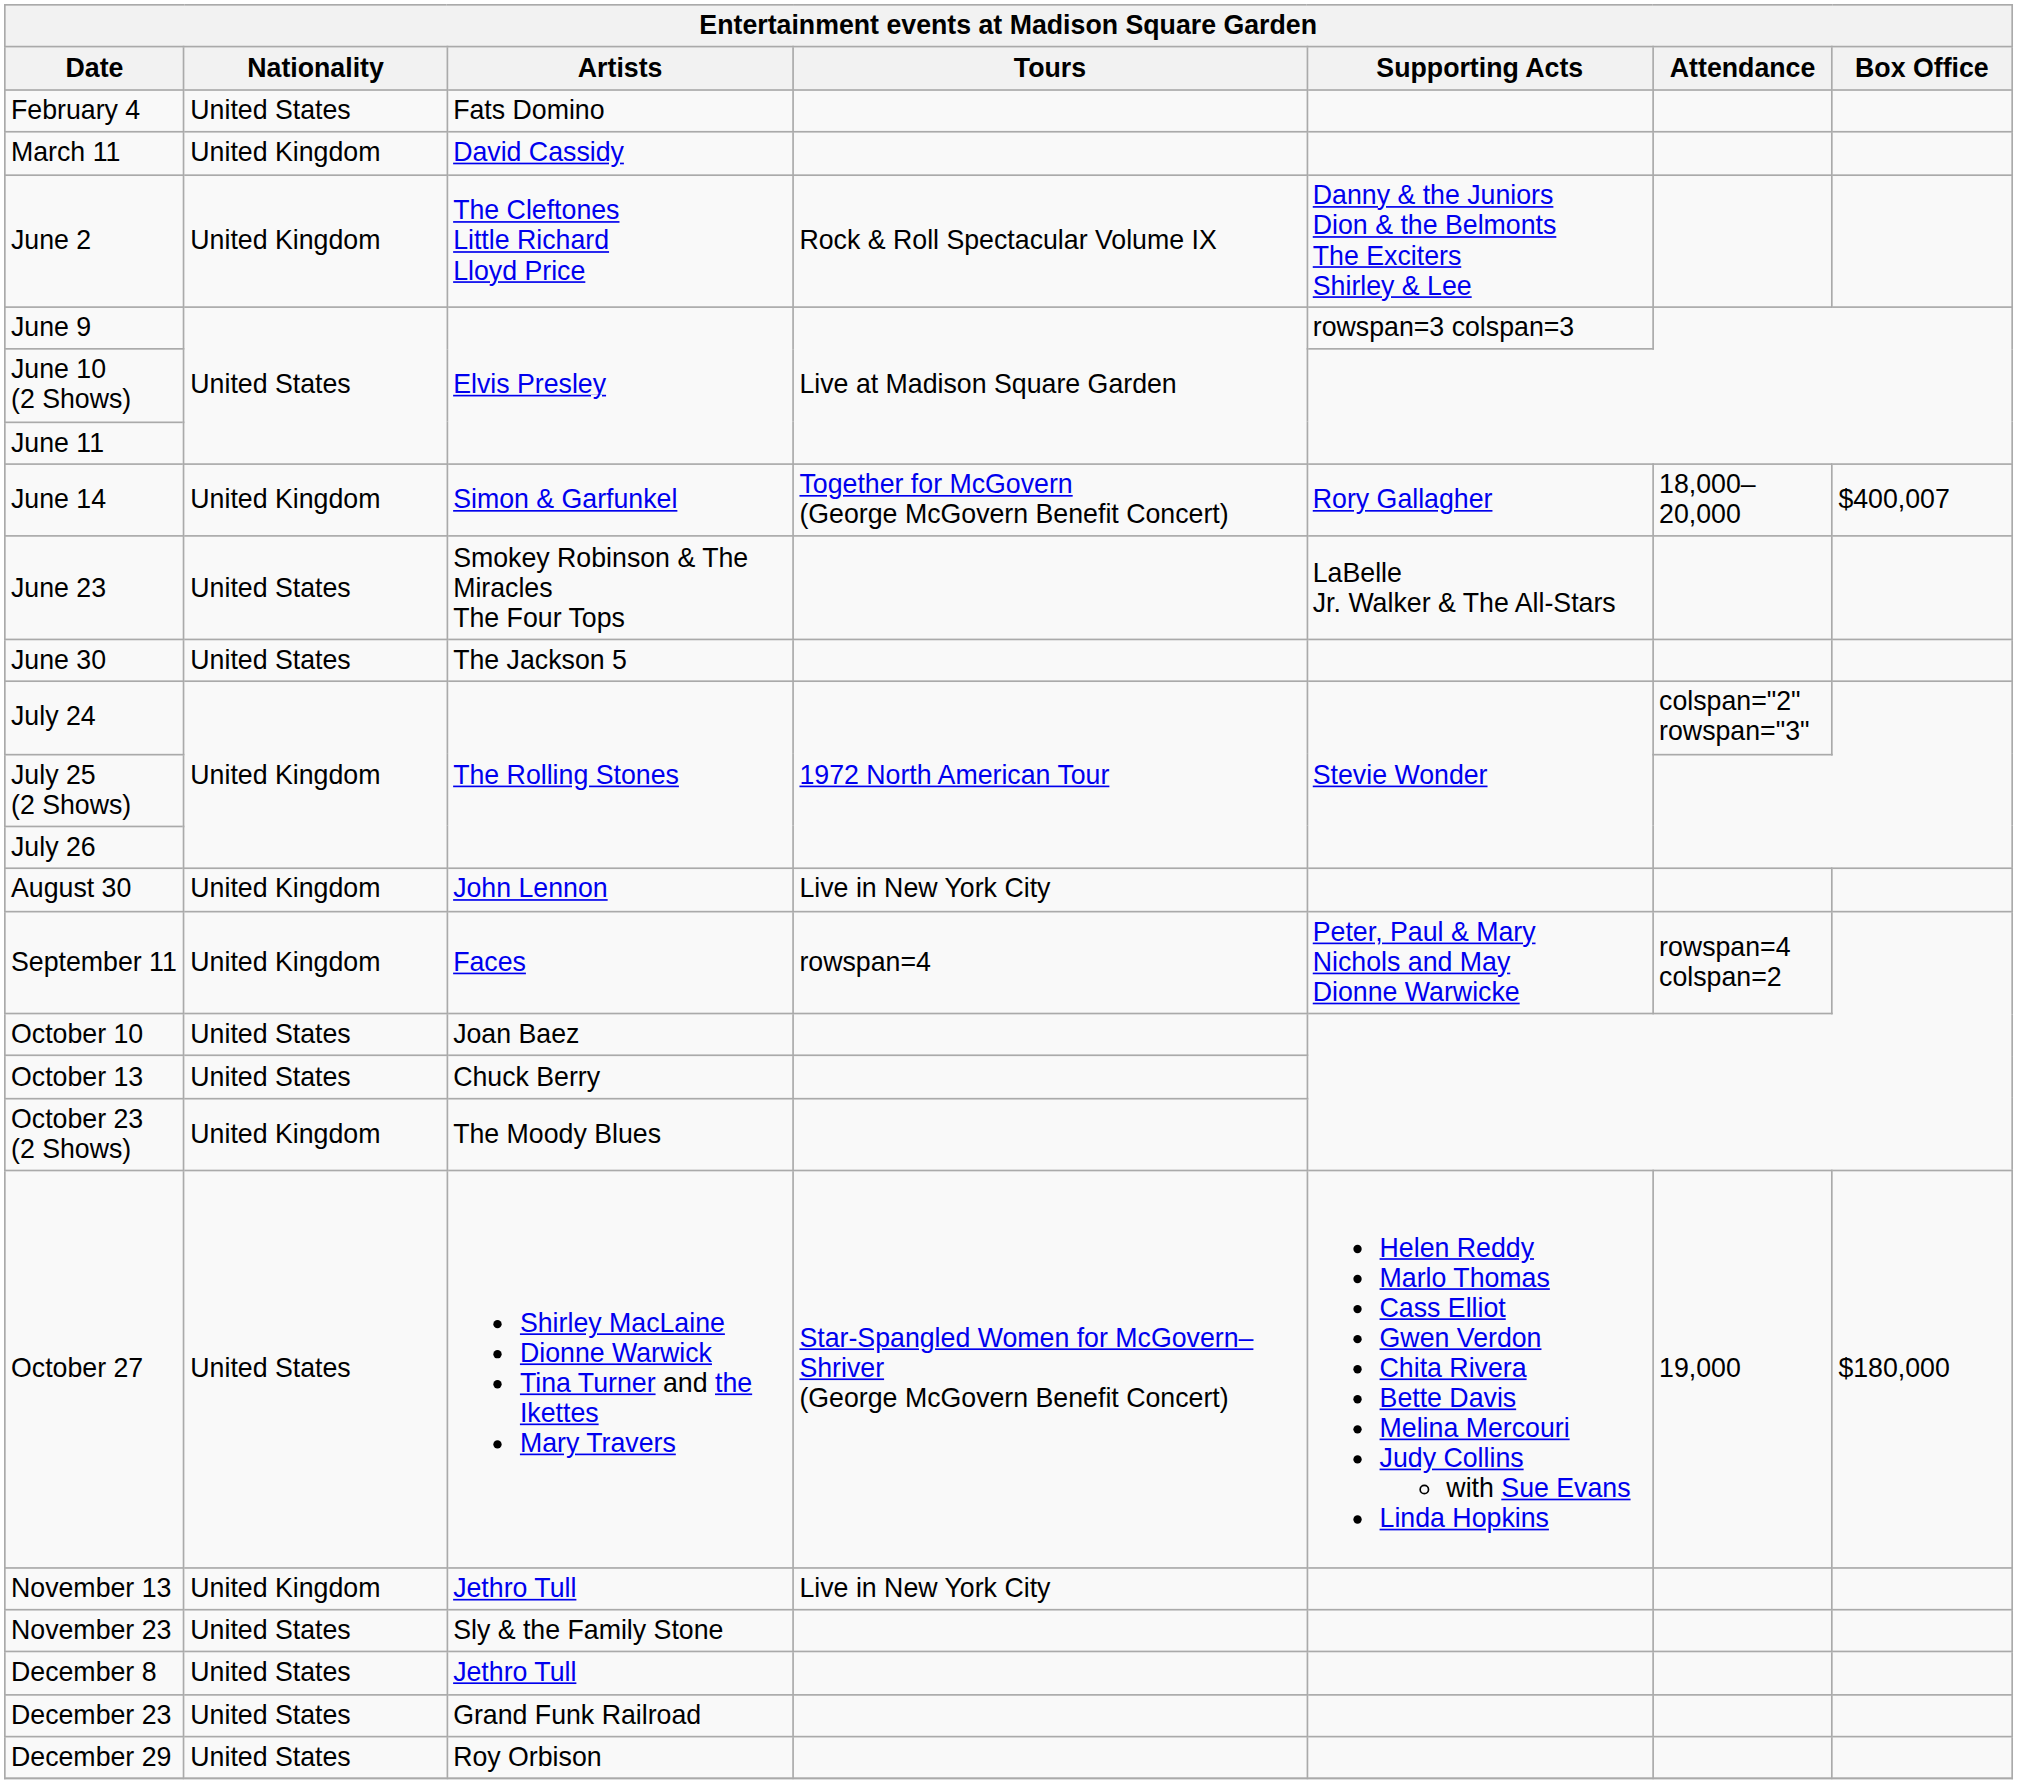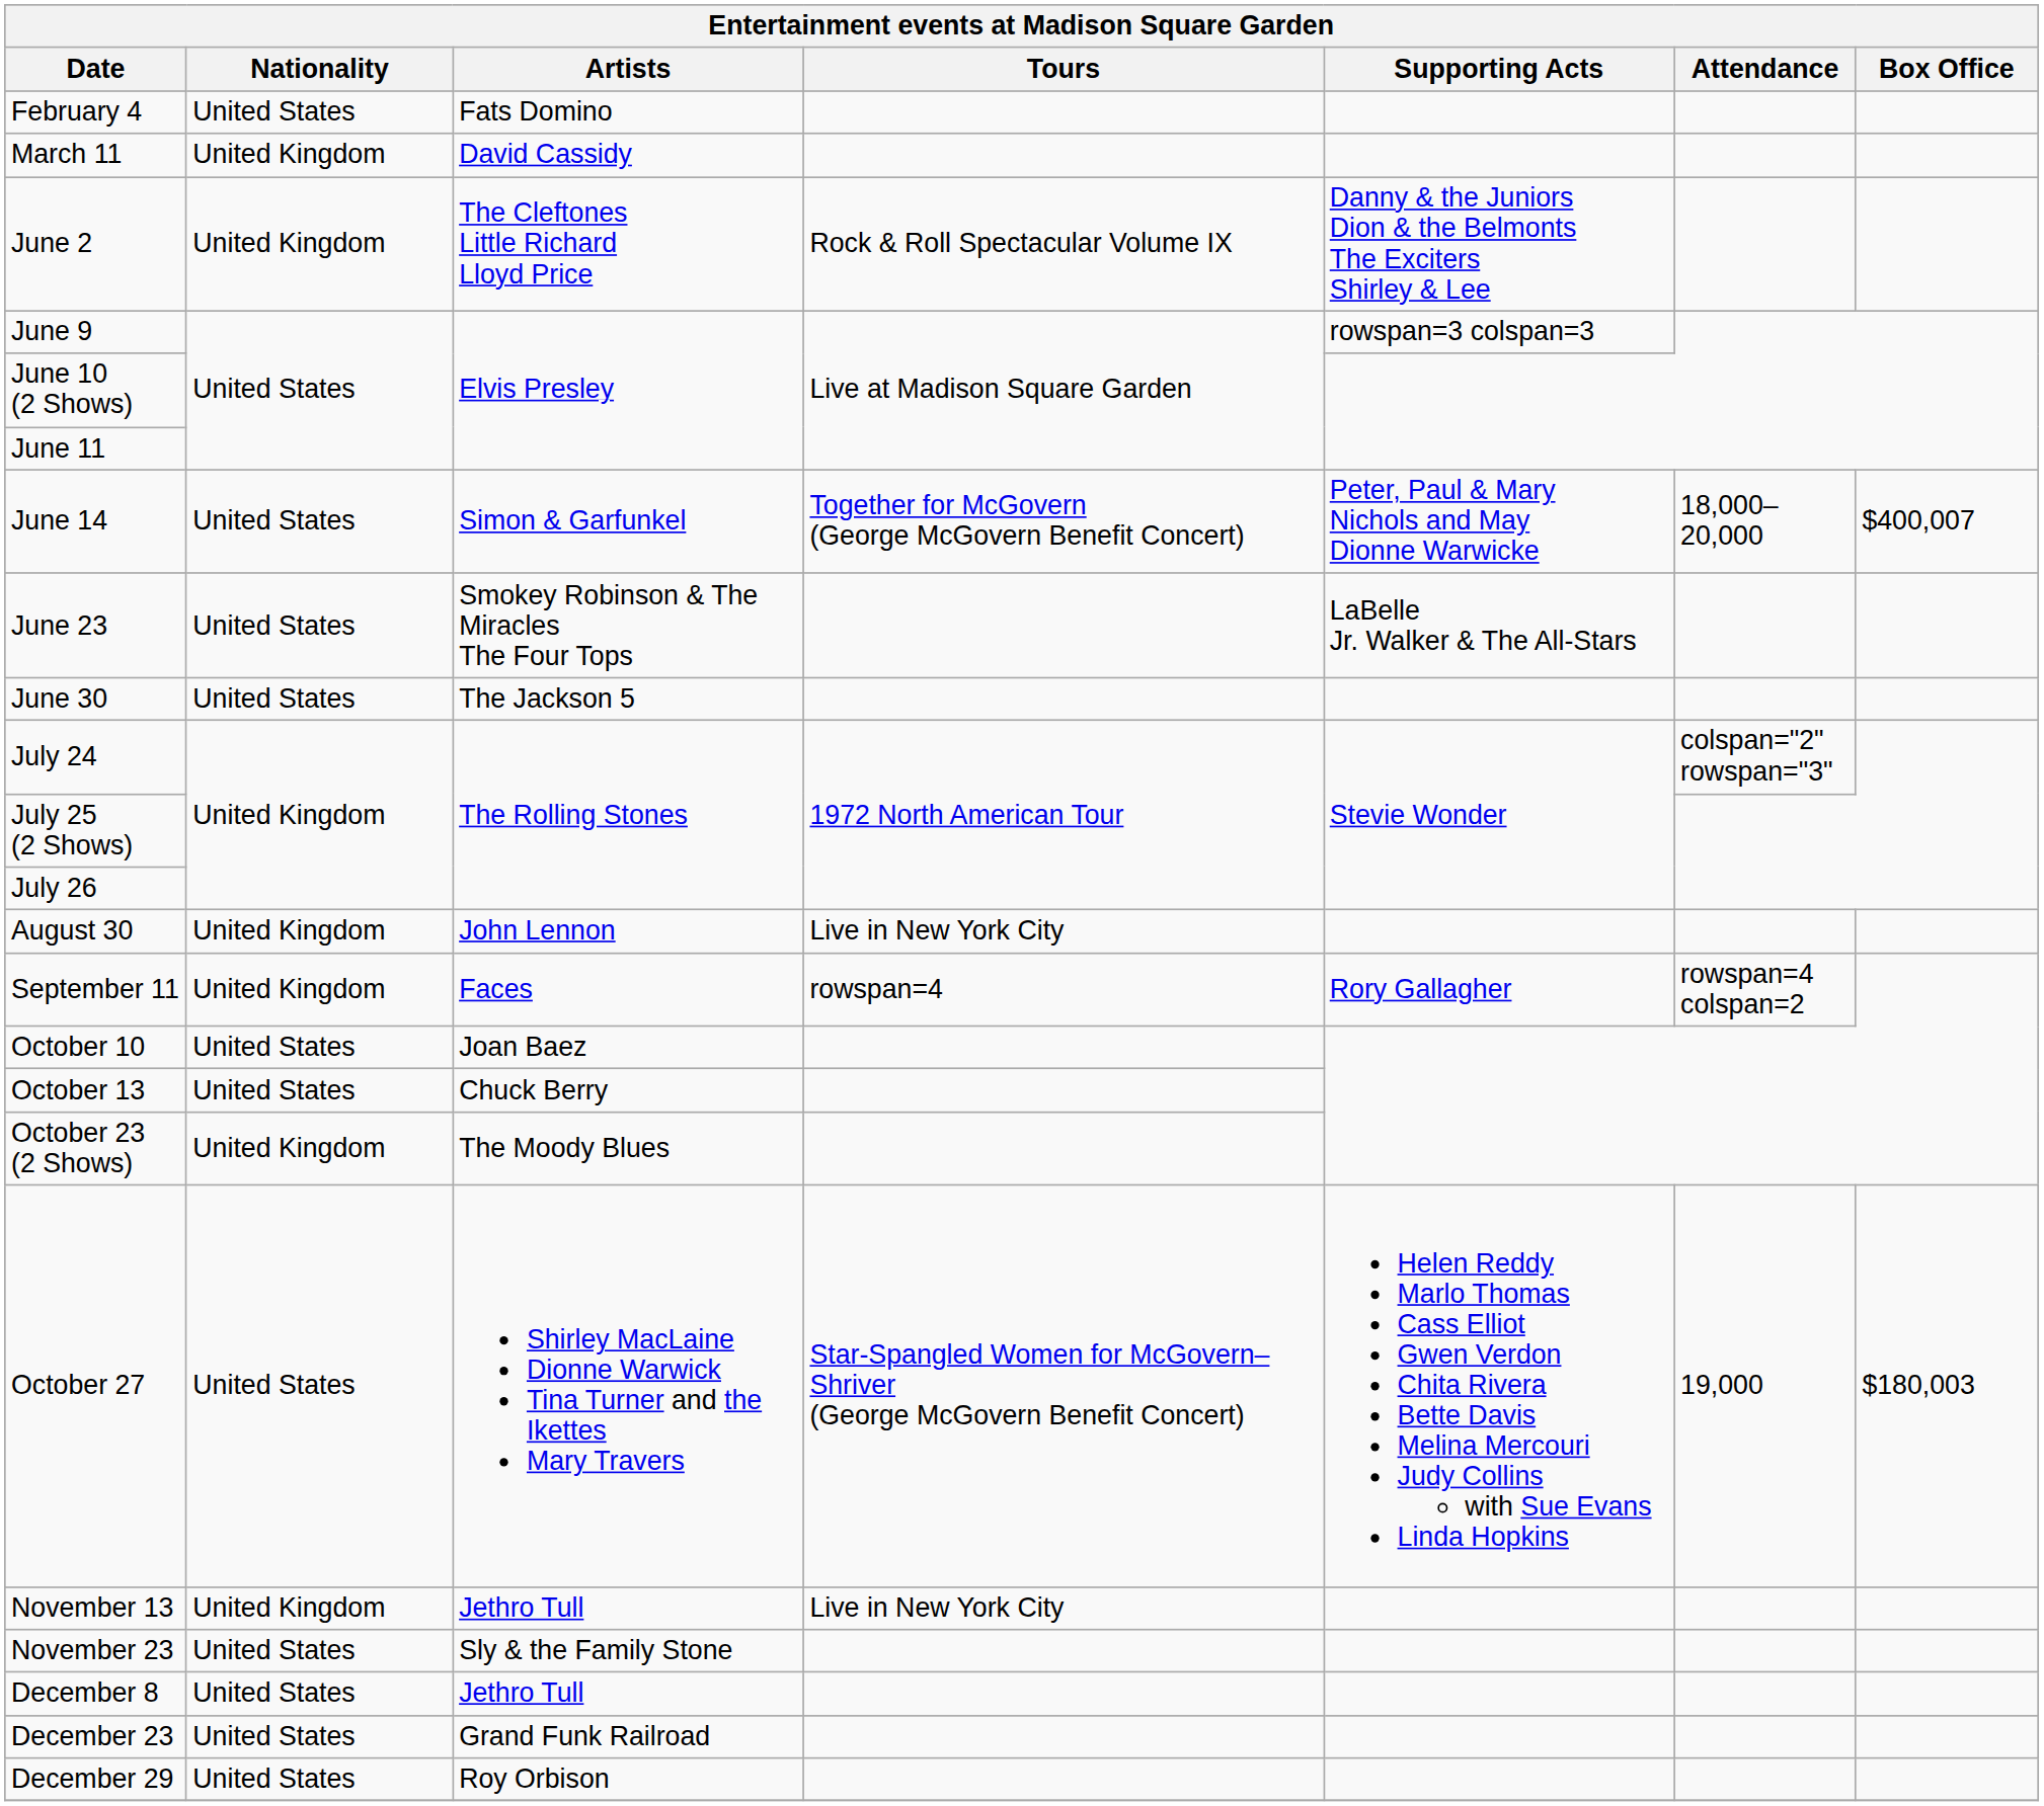 <table class="wikitable">
 <tr>
 <th colspan="7">Entertainment events at Madison Square Garden</th>
 </tr>
 <tr>
 <th width=100>Date</th>
 <th width=150>Nationality</th>
 <th width=200>Artists</th>
 <th width=300>Tours</th>
 <th width=200>Supporting Acts</th>
 <th width=100>Attendance</th>
 <th width=100>Box Office</th>
 </tr>
 <tr>
 <td>February 4</td>
 <td>United States</td>
 <td>Fats Domino</td>
 <td></td>
 <td></td>
 <td></td>
 <td></td>
 </tr>
 <tr>
 <td>March 11</td>
 <td>United Kingdom</td>
 <td><a href='#'>David Cassidy</a></td>
 <td></td>
 <td></td>
 <td></td>
 <td></td>
 </tr>
 <tr>
 <td>June 2</td>
 <td>United Kingdom</td>
 <td><a href='#'>The Cleftones</a><br><a href='#'>Little Richard</a><br><a href='#'>Lloyd Price</a></td>
 <td>Rock & Roll Spectacular Volume IX</td>
 <td><a href='#'>Danny & the Juniors</a><br><a href='#'>Dion & the Belmonts</a><br><a href='#'>The Exciters</a><br><a href='#'>Shirley & Lee</a></td>
 <td></td>
 <td></td>
 </tr>
 <tr>
 <td>June 9</td>
 <td rowspan=3>United States</td>
 <td rowspan=3><a href='#'>Elvis Presley</a></td>
 <td rowspan=3>Live at Madison Square Garden</td>
 <td>rowspan=3 colspan=3 </td>
 </tr>
 <tr>
 <td>June 10<br>(2 Shows)</td>
 </tr>
 <tr>
 <td>June 11</td>
 </tr>
 <tr>
 <td>June 14</td>
-<td>United Kingdom</td>
+<td>United States</td>
 <td><a href='#'>Simon & Garfunkel</a></td>
 <td><a href='#'>Together for McGovern</a><br>(George McGovern Benefit Concert)</td>
-<td><a href='#'>Rory Gallagher</a></td>
+<td><a href='#'>Peter, Paul & Mary</a><br><a href='#'>Nichols and May</a><br><a href='#'>Dionne Warwicke</a></td>
 <td>18,000–20,000</td>
 <td>$400,007</td>
 </tr>
 <tr>
 <td>June 23</td>
 <td>United States</td>
 <td>Smokey Robinson & The Miracles<br>The Four Tops</td>
 <td></td>
 <td>LaBelle<br>Jr. Walker & The All-Stars</td>
 <td></td>
 <td></td>
 </tr>
 <tr>
 <td>June 30</td>
 <td>United States</td>
 <td>The Jackson 5</td>
 <td></td>
 <td></td>
 <td></td>
 <td></td>
 </tr>
 <tr>
 <td>July 24</td>
 <td rowspan="3">United Kingdom</td>
 <td rowspan="3"><a href='#'>The Rolling Stones</a></td>
 <td rowspan="3"><a href='#'>1972 North American Tour</a></td>
 <td rowspan="3"><a href='#'>Stevie Wonder</a></td>
 <td>colspan="2" rowspan="3" </td>
 </tr>
 <tr>
 <td>July 25<br>(2 Shows)</td>
 </tr>
 <tr>
 <td>July 26</td>
 </tr>
 <tr>
 <td>August 30</td>
 <td>United Kingdom</td>
 <td><a href='#'>John Lennon</a></td>
 <td>Live in New York City</td>
 <td></td>
 <td></td>
 <td></td>
 </tr>
 <tr>
 <td>September 11</td>
 <td>United Kingdom</td>
 <td><a href='#'>Faces</a></td>
 <td>rowspan=4 </td>
-<td><a href='#'>Peter, Paul & Mary</a><br><a href='#'>Nichols and May</a><br><a href='#'>Dionne Warwicke</a></td>
+<td><a href='#'>Rory Gallagher</a></td>
 <td>rowspan=4 colspan=2 </td>
 </tr>
 <tr>
 <td>October 10</td>
 <td>United States</td>
 <td>Joan Baez</td>
 <td></td>
 </tr>
 <tr>
 <td>October 13</td>
 <td>United States</td>
 <td>Chuck Berry</td>
 <td></td>
 </tr>
 <tr>
 <td>October 23<br>(2 Shows)</td>
 <td>United Kingdom</td>
 <td>The Moody Blues</td>
 <td></td>
 </tr>
 <tr>
 <td>October 27</td>
 <td>United States</td>
 <td><br><ul><li><a href='#'>Shirley MacLaine</a></li><li><a href='#'>Dionne Warwick</a></li><li><a href='#'>Tina Turner</a> and <a href='#'>the Ikettes</a></li><li><a href='#'>Mary Travers</a></li></ul></td>
 <td><a href='#'>Star-Spangled Women for McGovern–Shriver</a><br>(George McGovern Benefit Concert)</td>
 <td><br><ul><li><a href='#'>Helen Reddy</a></li><li><a href='#'>Marlo Thomas</a></li><li><a href='#'>Cass Elliot</a></li><li><a href='#'>Gwen Verdon</a></li><li><a href='#'>Chita Rivera</a></li><li><a href='#'>Bette Davis</a></li><li><a href='#'>Melina Mercouri</a></li><li><a href='#'>Judy Collins</a><ul><li>with <a href='#'>Sue Evans</a></li></ul></li><li><a href='#'>Linda Hopkins</a></li></ul></td>
 <td>19,000</td>
-<td>$180,000</td>
+<td>$180,003</td>
 </tr>
 <tr>
 <td>November 13</td>
 <td>United Kingdom</td>
 <td><a href='#'>Jethro Tull</a></td>
 <td>Live in New York City</td>
 <td></td>
 <td></td>
 <td></td>
 </tr>
 <tr>
 <td>November 23</td>
 <td>United States</td>
 <td>Sly & the Family Stone</td>
 <td></td>
 <td></td>
 <td></td>
 <td></td>
 </tr>
 <tr>
 <td>December 8</td>
 <td>United States</td>
 <td><a href='#'>Jethro Tull</a></td>
 <td></td>
 <td></td>
 <td></td>
 <td></td>
 </tr>
 <tr>
 <td>December 23</td>
 <td>United States</td>
 <td>Grand Funk Railroad</td>
 <td></td>
 <td></td>
 <td></td>
 <td></td>
 </tr>
 <tr>
 <td>December 29</td>
 <td>United States</td>
 <td>Roy Orbison</td>
 <td></td>
 <td></td>
 <td></td>
 <td></td>
 </tr>
 <tr>
 </tr>
 </table>
